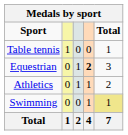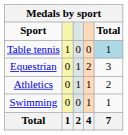 <table class="wikitable" border="1" style="font-size:85%; float:down">
 <tr bgcolor=#efefef>
 <th colspan=7><strong>Medals by sport</strong></th>
 </tr>
 <tr align=center>
 <td><strong>Sport</strong></td>
 <td bgcolor=#f7f6a8></td>
 <td bgcolor=#dce5e5></td>
 <td bgcolor=#ffdab9></td>
 <td><strong>Total</strong></td>
 </tr>
 <tr align=center>
 <td><a href='#'>Table tennis</a></td>
 <td bgcolor=#f7f6a8>1</td>
 <td bgcolor=#dce5e5>0</td>
 <td bgcolor=#ffdab9>0</td>
-<td>1</td>
+<td style="background: lightblue;">1</td>
 </tr>
 <tr align=center>
 <td><a href='#'>Equestrian</a></td>
 <td bgcolor=#f7f6a8>0</td>
 <td bgcolor=#dce5e5>1</td>
-<td bgcolor=#ffdab9><strong>2</strong></td>
+<td bgcolor=#ffdab9>2</td>
 <td>3</td>
 </tr>
 <tr align=center>
 <td><a href='#'>Athletics</a></td>
 <td bgcolor=#f7f6a8>0</td>
 <td bgcolor=#dce5e5>1</td>
 <td bgcolor=#ffdab9>1</td>
 <td>2</td>
 </tr>
 <tr align=center>
 <td><a href='#'>Swimming</a></td>
 <td bgcolor=#f7f6a8>0</td>
 <td bgcolor=#dce5e5>0</td>
 <td bgcolor=#ffdab9>1</td>
-<td style="background: khaki;">1</td>
+<td>1</td>
 </tr>
 <tr align=center>
 <th><strong>Total</strong></th>
 <th bgcolor=gold><strong>1</strong></th>
 <th bgcolor=silver><strong>2</strong></th>
 <th bgcolor=#c96><strong>4</strong></th>
 <th><strong>7</strong></th>
 </tr>
 </table>
